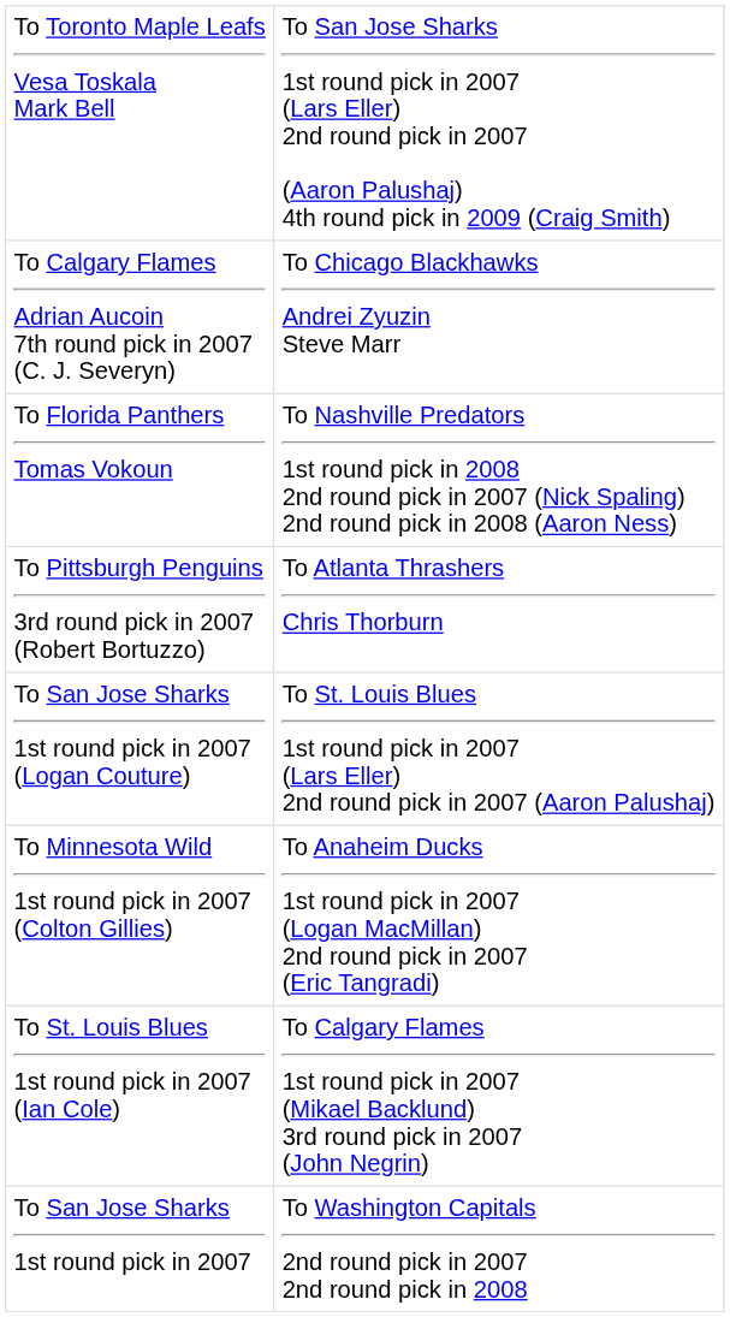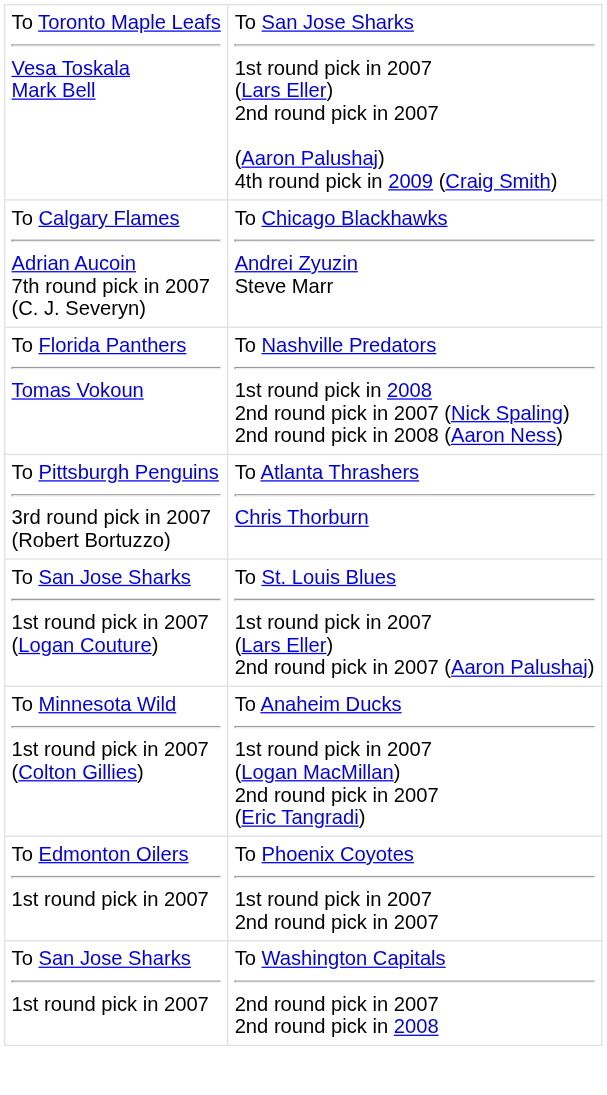 <table border=1 style="border-collapse:collapse" bordercolor="#DFDFDF" cellpadding="5">
 <tr>
 <td valign="top">To <a href='#'>Toronto Maple Leafs</a><hr><a href='#'>Vesa Toskala</a><br><a href='#'>Mark Bell</a></td>
 <td valign="top">To <a href='#'>San Jose Sharks</a><hr>1st round pick in 2007<br>(<a href='#'>Lars Eller</a>)<br>2nd round pick in 2007<br><br>(<a href='#'>Aaron Palushaj</a>)<br>4th round pick in <a href='#'>2009</a>  (<a href='#'>Craig Smith</a>)</td>
 </tr>
 <tr>
 <td valign="top">To <a href='#'>Calgary Flames</a> <hr><a href='#'>Adrian Aucoin</a> <br> 7th round pick in 2007<br>(C. J. Severyn)</td>
 <td valign="top">To <a href='#'>Chicago Blackhawks</a> <hr><a href='#'>Andrei Zyuzin</a> <br> Steve Marr</td>
 </tr>
 <tr>
 <td valign="top">To <a href='#'>Florida Panthers</a> <hr><a href='#'>Tomas Vokoun</a></td>
 <td valign="top">To <a href='#'>Nashville Predators</a> <hr>1st round pick in <a href='#'>2008</a><br>2nd round pick in 2007  (<a href='#'>Nick Spaling</a>)<br>2nd round pick in 2008  (<a href='#'>Aaron Ness</a>)</td>
 </tr>
 <tr>
 <td valign="top">To <a href='#'>Pittsburgh Penguins</a> <hr>3rd round pick in 2007<br>(Robert Bortuzzo)</td>
 <td valign="top">To <a href='#'>Atlanta Thrashers</a> <hr><a href='#'>Chris Thorburn</a></td>
 </tr>
 <tr>
 <td valign="top">To <a href='#'>San Jose Sharks</a> <hr>1st round pick in 2007<br>(<a href='#'>Logan Couture</a>)</td>
 <td valign="top">To <a href='#'>St. Louis Blues</a> <hr>1st round pick in 2007<br>(<a href='#'>Lars Eller</a>) <br> 2nd round pick in 2007  (<a href='#'>Aaron Palushaj</a>) <br></td>
 </tr>
 <tr>
 <td valign="top">To <a href='#'>Minnesota Wild</a> <hr>1st round pick in 2007<br>(<a href='#'>Colton Gillies</a>)</td>
 <td valign="top">To <a href='#'>Anaheim Ducks</a> <hr>1st round pick in 2007<br>(<a href='#'>Logan MacMillan</a>) <br> 2nd round pick in 2007 <br> (<a href='#'>Eric Tangradi</a>)</td>
 </tr>
 <tr>
-<td valign="top">To <a href='#'>St. Louis Blues</a> <hr>1st round pick in 2007<br>(<a href='#'>Ian Cole</a>)</td>
-<td valign="top">To <a href='#'>Calgary Flames</a> <hr>1st round pick in 2007<br>(<a href='#'>Mikael Backlund</a>)<br> 3rd round pick in 2007 <br>(<a href='#'>John Negrin</a>)</td>
+<td valign="top">To <a href='#'>Edmonton Oilers</a> <hr>1st round pick in 2007</td>
+<td valign="top">To <a href='#'>Phoenix Coyotes</a> <hr>1st round pick in 2007 <br> 2nd round pick in 2007</td>
 </tr>
 <tr>
 <td valign="top">To <a href='#'>San Jose Sharks</a> <hr>1st round pick in 2007</td>
 <td valign="top">To <a href='#'>Washington Capitals</a> <hr>2nd round pick in 2007 <br> 2nd round pick in <a href='#'>2008</a></td>
 </tr>
 </table>
